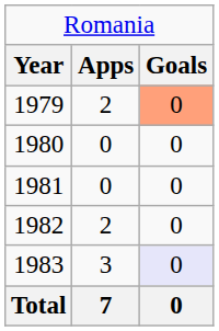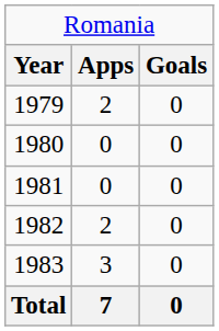 <table class="wikitable" style="text-align:center">
 <tr>
 <td colspan="3"><a href='#'>Romania</a></td>
 </tr>
 <tr>
 <th>Year</th>
 <th>Apps</th>
 <th>Goals</th>
 </tr>
 <tr>
 <td>1979</td>
 <td>2</td>
-<td style="background: lightsalmon;">0</td>
+<td>0</td>
 </tr>
 <tr>
 <td>1980</td>
 <td>0</td>
 <td>0</td>
 </tr>
 <tr>
 <td>1981</td>
 <td>0</td>
 <td>0</td>
 </tr>
 <tr>
 <td>1982</td>
 <td>2</td>
 <td>0</td>
 </tr>
 <tr>
 <td>1983</td>
 <td>3</td>
-<td style="background: lavender;">0</td>
+<td>0</td>
 </tr>
 <tr>
 <th>Total</th>
 <th>7</th>
 <th>0</th>
 </tr>
 </table>
